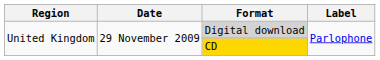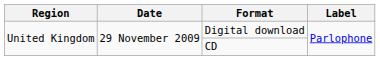 <table class="wikitable">
 <tr>
 <th>Region</th>
 <th>Date</th>
 <th>Format</th>
 <th>Label</th>
 </tr>
 <tr>
 <td rowspan="2">United Kingdom</td>
 <td rowspan="2">29 November 2009</td>
-<td style="background: lightgrey;">Digital download</td>
+<td>Digital download</td>
 <td rowspan="2"><a href='#'>Parlophone</a></td>
 </tr>
 <tr>
-<td style="background: gold;">CD</td>
+<td>CD</td>
 </tr>
 </table>
